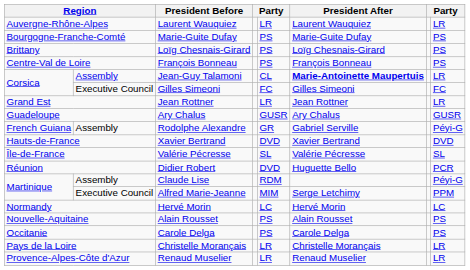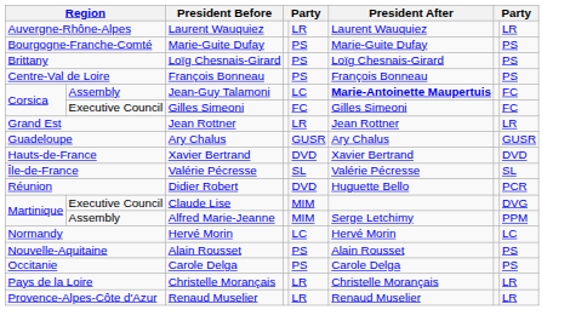 <table class="wikitable sortable collapsible" style="text-align: left;line-height:14px;">
 <tr>
 <th colspan=2><a href='#'>Region</a></th>
 <th>President Before</th>
 <th colspan=2>Party</th>
 <th>President After</th>
 <th colspan=2>Party</th>
 </tr>
 <tr>
 <td colspan=2><a href='#'>Auvergne-Rhône-Alpes</a></td>
 <td><a href='#'>Laurent Wauquiez</a></td>
 <td style="color:inherit;background:"></td>
 <td><a href='#'>LR</a></td>
 <td><a href='#'>Laurent Wauquiez</a></td>
 <td style="color:inherit;background:"></td>
 <td><a href='#'>LR</a></td>
 </tr>
 <tr>
 <td colspan=2><a href='#'>Bourgogne-Franche-Comté</a></td>
 <td><a href='#'>Marie-Guite Dufay</a></td>
 <td style="color:inherit;background:"></td>
 <td><a href='#'>PS</a></td>
 <td><a href='#'>Marie-Guite Dufay</a></td>
 <td style="color:inherit;background:"></td>
 <td><a href='#'>PS</a></td>
 </tr>
 <tr>
 <td colspan=2><a href='#'>Brittany</a></td>
 <td><a href='#'>Loïg Chesnais-Girard</a></td>
 <td style="color:inherit;background:"></td>
 <td><a href='#'>PS</a></td>
 <td><a href='#'>Loïg Chesnais-Girard</a></td>
 <td style="color:inherit;background:"></td>
 <td><a href='#'>PS</a></td>
 </tr>
 <tr>
 <td colspan=2><a href='#'>Centre-Val de Loire</a></td>
 <td><a href='#'>François Bonneau</a></td>
 <td style="color:inherit;background:"></td>
 <td><a href='#'>PS</a></td>
 <td><a href='#'>François Bonneau</a></td>
 <td style="color:inherit;background:"></td>
 <td><a href='#'>PS</a></td>
 </tr>
 <tr>
 <td rowspan=2><a href='#'>Corsica</a></td>
 <td><a href='#'>Assembly</a></td>
 <td><a href='#'>Jean-Guy Talamoni</a></td>
 <td style="color:inherit;background:"></td>
-<td><a href='#'>CL</a></td>
+<td><a href='#'>LC</a></td>
 <td><strong><a href='#'>Marie-Antoinette Maupertuis</a></strong></td>
 <td style="color:inherit;background:"></td>
-<td><a href='#'>LR</a></td>
+<td><a href='#'>FC</a></td>
 </tr>
 <tr>
 <td>Executive Council</td>
 <td><a href='#'>Gilles Simeoni</a></td>
 <td style="color:inherit;background:"></td>
 <td><a href='#'>FC</a></td>
 <td><a href='#'>Gilles Simeoni</a></td>
 <td style="color:inherit;background:"></td>
 <td><a href='#'>FC</a></td>
 </tr>
 <tr>
 <td colspan=2><a href='#'>Grand Est</a></td>
 <td><a href='#'>Jean Rottner</a></td>
 <td style="color:inherit;background:"></td>
 <td><a href='#'>LR</a></td>
 <td><a href='#'>Jean Rottner</a></td>
 <td style="color:inherit;background:"></td>
 <td><a href='#'>LR</a></td>
 </tr>
 <tr>
 <td colspan=2><a href='#'>Guadeloupe</a></td>
 <td><a href='#'>Ary Chalus</a></td>
 <td style="color:inherit;background:"></td>
 <td><a href='#'>GUSR</a></td>
 <td><a href='#'>Ary Chalus</a></td>
 <td style="color:inherit;background:"></td>
 <td><a href='#'>GUSR</a></td>
-</tr>
-<tr>
-<td><a href='#'>French Guiana</a></td>
-<td>Assembly</td>
-<td><a href='#'>Rodolphe Alexandre</a></td>
-<td style="color:inherit;background:"></td>
-<td><a href='#'>GR</a></td>
-<td><a href='#'>Gabriel Serville</a></td>
-<td style="color:inherit;background:"></td>
-<td><a href='#'>Péyi-G</a></td>
 </tr>
 <tr>
 <td colspan=2><a href='#'>Hauts-de-France</a></td>
 <td><a href='#'>Xavier Bertrand</a></td>
 <td style="color:inherit;background:"></td>
 <td><a href='#'>DVD</a></td>
 <td><a href='#'>Xavier Bertrand</a></td>
 <td style="color:inherit;background:"></td>
 <td><a href='#'>DVD</a></td>
 </tr>
 <tr>
 <td colspan=2><a href='#'>Île-de-France</a></td>
 <td><a href='#'>Valérie Pécresse</a></td>
 <td style="color:inherit;background:"></td>
 <td><a href='#'>SL</a></td>
 <td><a href='#'>Valérie Pécresse</a></td>
 <td style="color:inherit;background:"></td>
 <td><a href='#'>SL</a></td>
 </tr>
 <tr>
 <td colspan=2><a href='#'>Réunion</a></td>
 <td><a href='#'>Didier Robert</a></td>
 <td style="color:inherit;background:"></td>
 <td><a href='#'>DVD</a></td>
 <td><a href='#'>Huguette Bello</a></td>
 <td style="color:inherit;background:"></td>
 <td><a href='#'>PCR</a></td>
 </tr>
 <tr>
 <td rowspan=2><a href='#'>Martinique</a></td>
-<td>Assembly</td>
+<td>Executive Council</td>
 <td><a href='#'>Claude Lise</a></td>
 <td style="color:inherit;background:"></td>
-<td><a href='#'>RDM</a></td>
+<td><a href='#'>MIM</a></td>
 <td></td>
 <td style="color:inherit;background:"></td>
-<td><a href='#'>Péyi-G</a></td>
+<td><a href='#'>DVG</a></td>
 </tr>
 <tr>
-<td>Executive Council</td>
+<td>Assembly</td>
 <td><a href='#'>Alfred Marie-Jeanne</a></td>
 <td style="color:inherit;background:"></td>
 <td><a href='#'>MIM</a></td>
 <td><a href='#'>Serge Letchimy</a></td>
 <td style="color:inherit;background:"></td>
 <td><a href='#'>PPM</a></td>
 </tr>
 <tr>
 <td colspan=2><a href='#'>Normandy</a></td>
 <td><a href='#'>Hervé Morin</a></td>
 <td style="color:inherit;background:"></td>
 <td><a href='#'>LC</a></td>
 <td><a href='#'>Hervé Morin</a></td>
 <td style="color:inherit;background:"></td>
 <td><a href='#'>LC</a></td>
 </tr>
 <tr>
 <td colspan=2><a href='#'>Nouvelle-Aquitaine</a></td>
 <td><a href='#'>Alain Rousset</a></td>
 <td style="color:inherit;background:"></td>
 <td><a href='#'>PS</a></td>
 <td><a href='#'>Alain Rousset</a></td>
 <td style="color:inherit;background:"></td>
 <td><a href='#'>PS</a></td>
 </tr>
 <tr>
 <td colspan=2><a href='#'>Occitanie</a></td>
 <td><a href='#'>Carole Delga</a></td>
 <td style="color:inherit;background:"></td>
 <td><a href='#'>PS</a></td>
 <td><a href='#'>Carole Delga</a></td>
 <td style="color:inherit;background:"></td>
 <td><a href='#'>PS</a></td>
 </tr>
 <tr>
 <td colspan=2><a href='#'>Pays de la Loire</a></td>
 <td><a href='#'>Christelle Morançais</a></td>
 <td style="color:inherit;background:"></td>
 <td><a href='#'>LR</a></td>
 <td><a href='#'>Christelle Morançais</a></td>
 <td style="color:inherit;background:"></td>
 <td><a href='#'>LR</a></td>
 </tr>
 <tr>
 <td colspan=2><a href='#'>Provence-Alpes-Côte d'Azur</a></td>
 <td><a href='#'>Renaud Muselier</a></td>
 <td style="color:inherit;background:"></td>
 <td><a href='#'>LR</a></td>
 <td><a href='#'>Renaud Muselier</a></td>
 <td style="color:inherit;background:"></td>
 <td><a href='#'>LR</a></td>
 </tr>
 </table>
